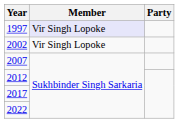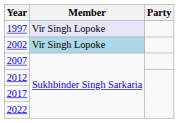 <table class="wikitable sortable">
 <tr>
 <th>Year</th>
 <th>Member</th>
 <th colspan="2">Party</th>
 </tr>
 <tr>
 <td><a href='#'>1997</a></td>
 <td style="background: lavender;">Vir Singh Lopoke</td>
 <td></td>
 </tr>
 <tr>
 <td><a href='#'>2002</a></td>
-<td>Vir Singh Lopoke</td>
+<td style="background: lightblue;">Vir Singh Lopoke</td>
 <td></td>
 </tr>
 <tr>
 <td><a href='#'>2007</a></td>
 <td rowspan=4><a href='#'>Sukhbinder Singh Sarkaria</a></td>
 <td></td>
 </tr>
 <tr>
 <td><a href='#'>2012</a></td>
 </tr>
 <tr>
 <td><a href='#'>2017</a></td>
 </tr>
 <tr>
 <td><a href='#'>2022</a></td>
 </tr>
 </table>
